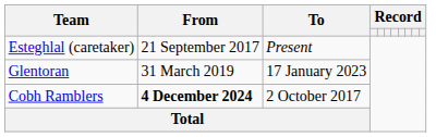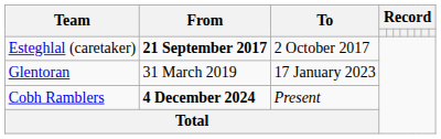 <table class=wikitable style="text-align: center">
 <tr>
 <th rowspan=2>Team</th>
 <th rowspan=2>From</th>
 <th rowspan=2>To</th>
 <th colspan=8>Record</th>
 </tr>
 <tr>
 <th></th>
 <th></th>
 <th></th>
 <th></th>
 <th></th>
 <th></th>
 <th></th>
 <th></th>
 </tr>
 <tr>
 <td align=left><a href='#'>Esteghlal</a> (caretaker)</td>
-<td align=left>21 September 2017</td>
-<td align=left><em>Present</em><br></td>
+<td align=left><strong>21 September 2017</strong></td>
+<td align=left>2 October 2017<br></td>
 </tr>
 <tr>
 <td align=left><a href='#'>Glentoran</a></td>
 <td align=left>31 March 2019</td>
 <td align=left>17 January 2023<br></td>
 </tr>
 <tr>
 <td align=left><a href='#'>Cobh Ramblers</a></td>
 <td align=left><strong>4 December 2024</strong></td>
-<td align=left>2 October 2017<br></td>
+<td align=left><em>Present</em><br></td>
 </tr>
 <tr>
 <th colspan=3>Total<br></th>
 </tr>
 </table>
